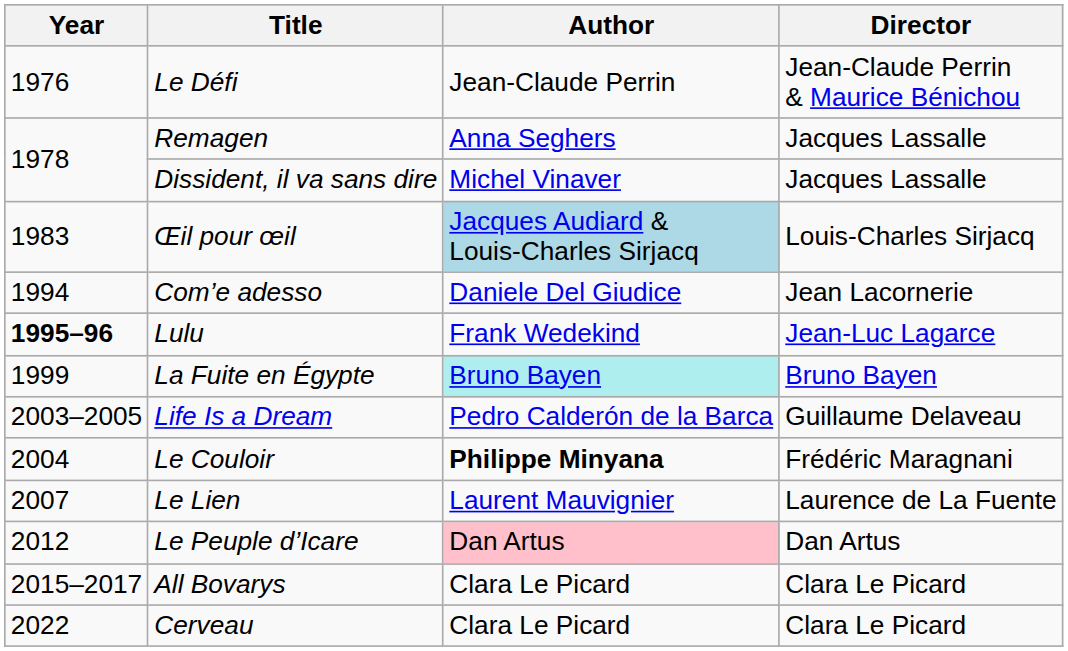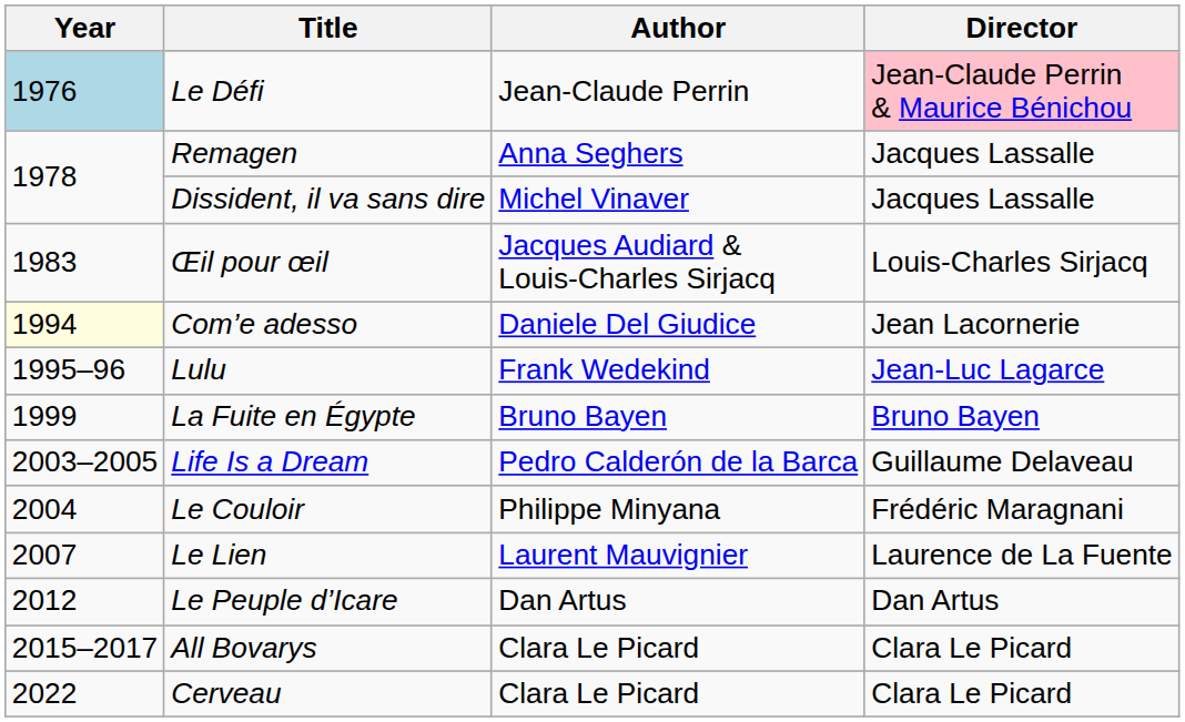 <table class="wikitable">
 <tr>
 <th>Year</th>
 <th>Title</th>
 <th>Author</th>
 <th>Director</th>
 </tr>
 <tr>
-<td>1976</td>
+<td style="background: lightblue;">1976</td>
 <td><em>Le Défi</em></td>
 <td>Jean-Claude Perrin</td>
-<td>Jean-Claude Perrin <br>& <a href='#'>Maurice Bénichou</a></td>
+<td style="background: pink;">Jean-Claude Perrin <br>& <a href='#'>Maurice Bénichou</a></td>
 </tr>
 <tr>
 <td rowspan=2>1978</td>
 <td><em>Remagen</em></td>
 <td><a href='#'>Anna Seghers</a></td>
 <td>Jacques Lassalle</td>
 </tr>
 <tr>
 <td><em>Dissident, il va sans dire</em></td>
 <td><a href='#'>Michel Vinaver</a></td>
 <td>Jacques Lassalle</td>
 </tr>
 <tr>
 <td>1983</td>
 <td><em>Œil pour œil</em></td>
-<td style="background: lightblue;"><a href='#'>Jacques Audiard</a> &<br> Louis-Charles Sirjacq</td>
+<td><a href='#'>Jacques Audiard</a> &<br> Louis-Charles Sirjacq</td>
 <td>Louis-Charles Sirjacq</td>
 </tr>
 <tr>
-<td>1994</td>
+<td style="background: lightyellow;">1994</td>
 <td><em>Com’e adesso</em></td>
 <td><a href='#'>Daniele Del Giudice</a></td>
 <td>Jean Lacornerie</td>
 </tr>
 <tr>
-<td><strong>1995–96</strong></td>
+<td>1995–96</td>
 <td><em>Lulu</em></td>
 <td><a href='#'>Frank Wedekind</a></td>
 <td><a href='#'>Jean-Luc Lagarce</a></td>
 </tr>
 <tr>
 <td>1999</td>
 <td><em>La Fuite en Égypte</em></td>
-<td style="background: paleturquoise;"><a href='#'>Bruno Bayen</a></td>
+<td><a href='#'>Bruno Bayen</a></td>
 <td><a href='#'>Bruno Bayen</a></td>
 </tr>
 <tr>
 <td>2003–2005</td>
 <td><em><a href='#'>Life Is a Dream</a></em></td>
 <td><a href='#'>Pedro Calderón de la Barca</a></td>
 <td>Guillaume Delaveau</td>
 </tr>
 <tr>
 <td>2004</td>
 <td><em>Le Couloir</em></td>
-<td><strong>Philippe Minyana</strong></td>
+<td>Philippe Minyana</td>
 <td>Frédéric Maragnani</td>
 </tr>
 <tr>
 <td>2007</td>
 <td><em>Le Lien</em></td>
 <td><a href='#'>Laurent Mauvignier</a></td>
 <td>Laurence de La Fuente</td>
 </tr>
 <tr>
 <td>2012</td>
 <td><em>Le Peuple d’Icare</em></td>
-<td style="background: pink;">Dan Artus</td>
+<td>Dan Artus</td>
 <td>Dan Artus</td>
 </tr>
 <tr>
 <td>2015–2017</td>
 <td><em>All Bovarys</em></td>
 <td>Clara Le Picard</td>
 <td>Clara Le Picard</td>
 </tr>
 <tr>
 <td>2022</td>
 <td><em>Cerveau</em></td>
 <td>Clara Le Picard</td>
 <td>Clara Le Picard</td>
 </tr>
 </table>
